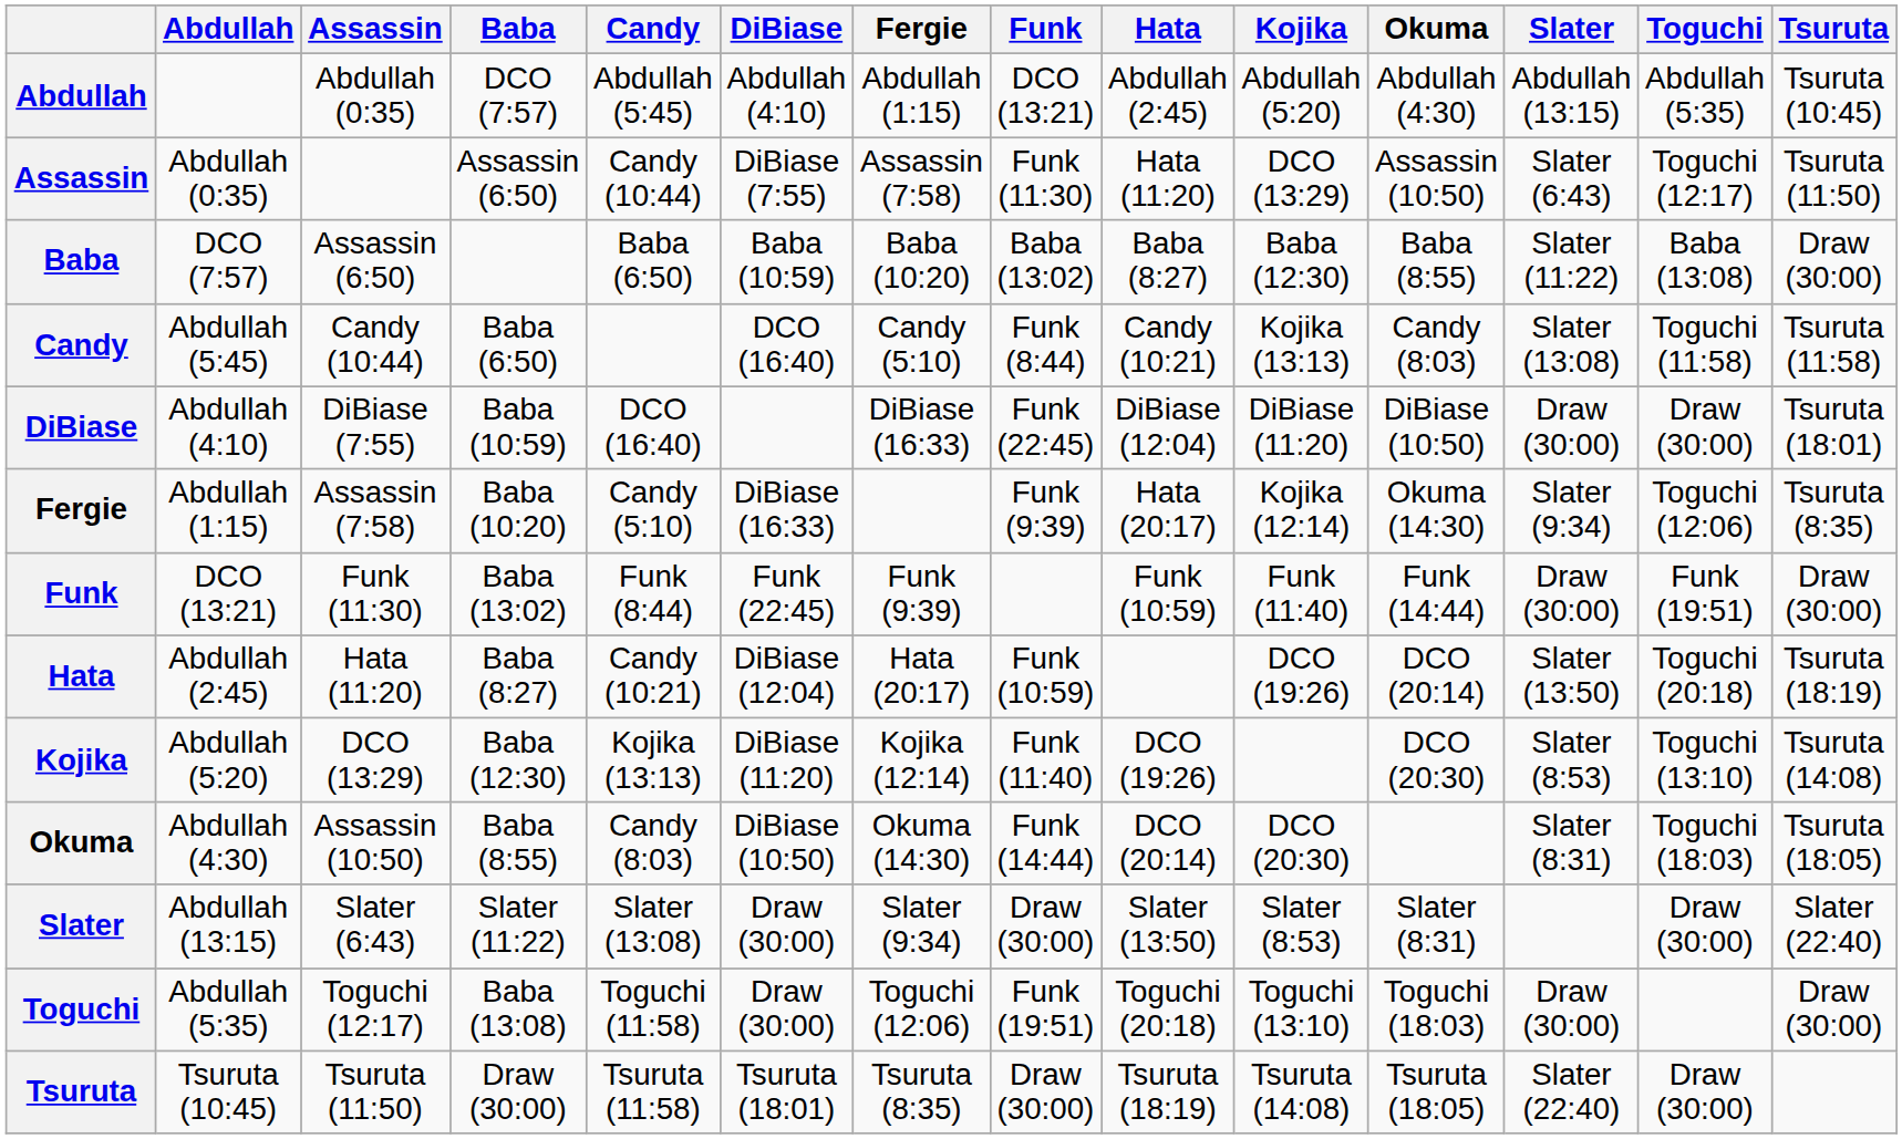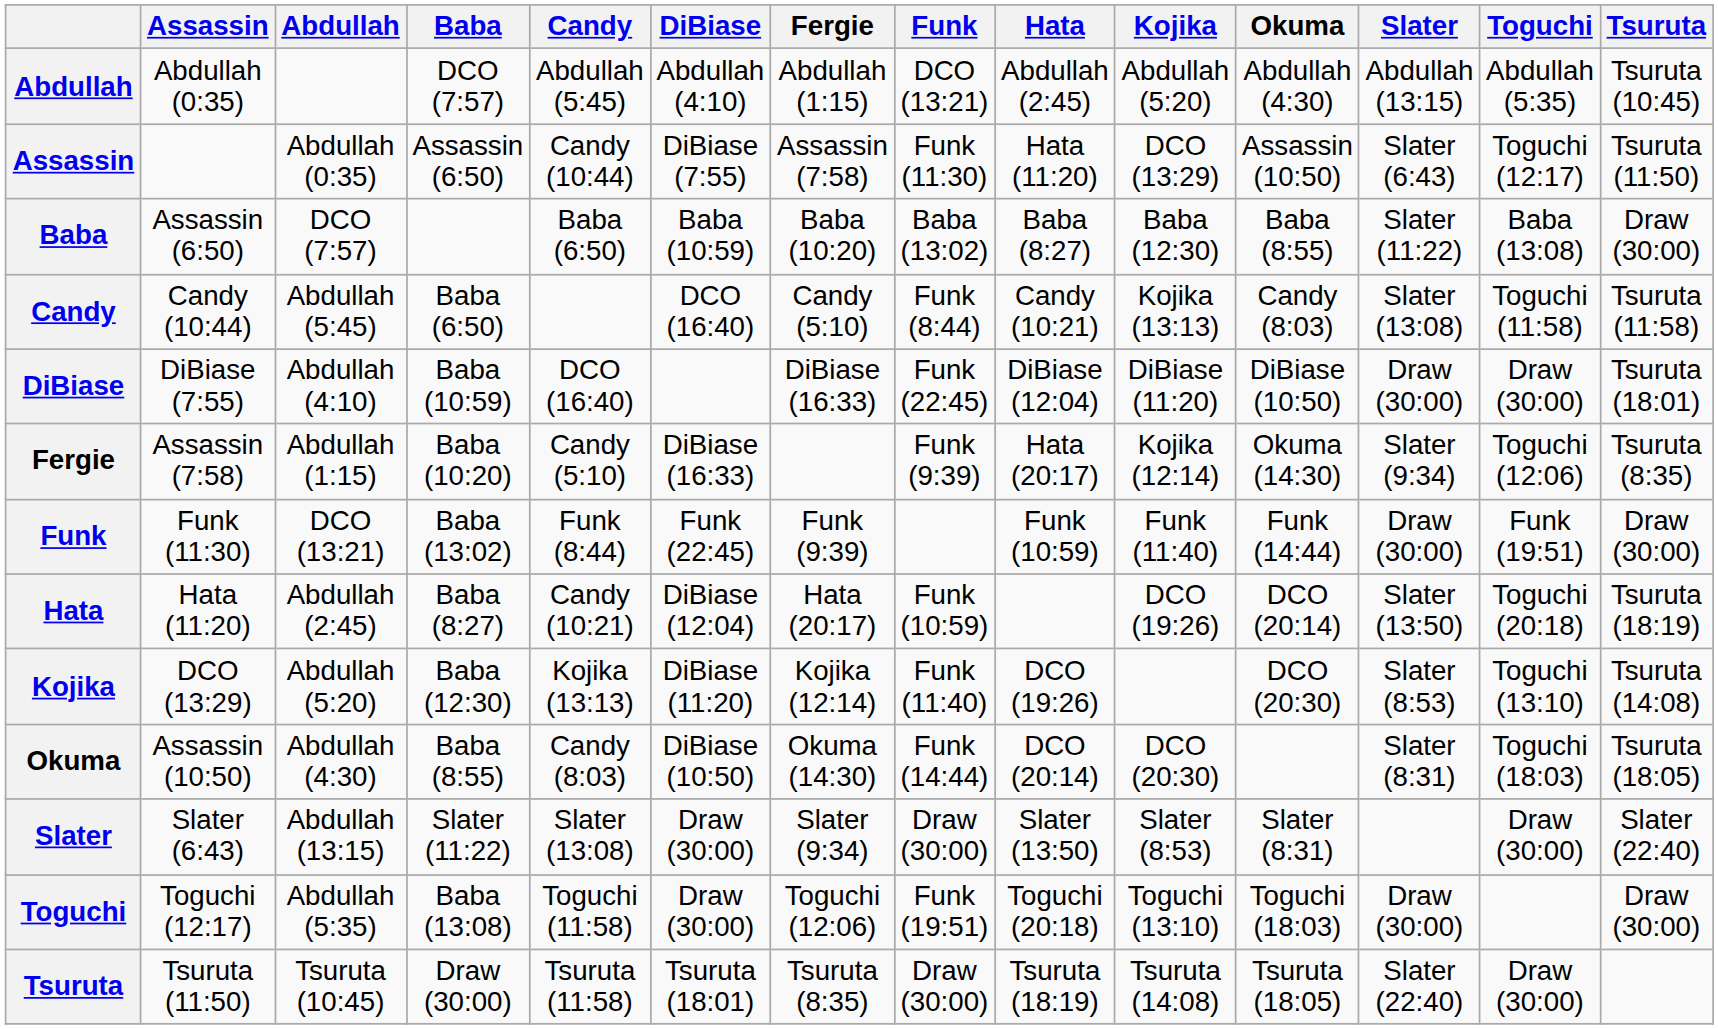 <table class="wikitable" style="margin: 1em auto 1em auto; text-align:center;">
 <tr>
 <th></th>
+<th><a href='#'>Assassin</a></th>
 <th><a href='#'>Abdullah</a></th>
-<th><a href='#'>Assassin</a></th>
 <th><a href='#'>Baba</a></th>
 <th><a href='#'>Candy</a></th>
 <th><a href='#'>DiBiase</a></th>
 <th>Fergie</th>
 <th><a href='#'>Funk</a></th>
 <th><a href='#'>Hata</a></th>
 <th><a href='#'>Kojika</a></th>
 <th>Okuma</th>
 <th><a href='#'>Slater</a></th>
 <th><a href='#'>Toguchi</a></th>
 <th><a href='#'>Tsuruta</a></th>
 </tr>
 <tr>
 <th><a href='#'>Abdullah</a></th>
+<td>Abdullah<br>(0:35)</td>
 <td></td>
-<td>Abdullah<br>(0:35)</td>
 <td>DCO<br>(7:57)</td>
 <td>Abdullah<br>(5:45)</td>
 <td>Abdullah<br>(4:10)</td>
 <td>Abdullah<br>(1:15)</td>
 <td>DCO<br>(13:21)</td>
 <td>Abdullah<br>(2:45)</td>
 <td>Abdullah<br>(5:20)</td>
 <td>Abdullah<br>(4:30)</td>
 <td>Abdullah<br>(13:15)</td>
 <td>Abdullah<br>(5:35)</td>
 <td>Tsuruta<br>(10:45)</td>
 </tr>
 <tr>
 <th><a href='#'>Assassin</a></th>
+<td></td>
 <td>Abdullah<br>(0:35)</td>
-<td></td>
 <td>Assassin<br>(6:50)</td>
 <td>Candy<br>(10:44)</td>
 <td>DiBiase<br>(7:55)</td>
 <td>Assassin<br>(7:58)</td>
 <td>Funk<br>(11:30)</td>
 <td>Hata<br>(11:20)</td>
 <td>DCO<br>(13:29)</td>
 <td>Assassin<br>(10:50)</td>
 <td>Slater<br>(6:43)</td>
 <td>Toguchi<br>(12:17)</td>
 <td>Tsuruta<br>(11:50)</td>
 </tr>
 <tr>
 <th><a href='#'>Baba</a></th>
+<td>Assassin<br>(6:50)</td>
 <td>DCO<br>(7:57)</td>
-<td>Assassin<br>(6:50)</td>
 <td></td>
 <td>Baba<br>(6:50)</td>
 <td>Baba<br>(10:59)</td>
 <td>Baba<br>(10:20)</td>
 <td>Baba<br>(13:02)</td>
 <td>Baba<br>(8:27)</td>
 <td>Baba<br>(12:30)</td>
 <td>Baba<br>(8:55)</td>
 <td>Slater<br>(11:22)</td>
 <td>Baba<br>(13:08)</td>
 <td>Draw<br>(30:00)</td>
 </tr>
 <tr>
 <th><a href='#'>Candy</a></th>
+<td>Candy<br>(10:44)</td>
 <td>Abdullah<br>(5:45)</td>
-<td>Candy<br>(10:44)</td>
 <td>Baba<br>(6:50)</td>
 <td></td>
 <td>DCO<br>(16:40)</td>
 <td>Candy<br>(5:10)</td>
 <td>Funk<br>(8:44)</td>
 <td>Candy<br>(10:21)</td>
 <td>Kojika<br>(13:13)</td>
 <td>Candy<br>(8:03)</td>
 <td>Slater<br>(13:08)</td>
 <td>Toguchi<br>(11:58)</td>
 <td>Tsuruta<br>(11:58)</td>
 </tr>
 <tr>
 <th><a href='#'>DiBiase</a></th>
+<td>DiBiase<br>(7:55)</td>
 <td>Abdullah<br>(4:10)</td>
-<td>DiBiase<br>(7:55)</td>
 <td>Baba<br>(10:59)</td>
 <td>DCO<br>(16:40)</td>
 <td></td>
 <td>DiBiase<br>(16:33)</td>
 <td>Funk<br>(22:45)</td>
 <td>DiBiase<br>(12:04)</td>
 <td>DiBiase<br>(11:20)</td>
 <td>DiBiase<br>(10:50)</td>
 <td>Draw<br>(30:00)</td>
 <td>Draw<br>(30:00)</td>
 <td>Tsuruta<br>(18:01)</td>
 </tr>
 <tr>
 <th>Fergie</th>
+<td>Assassin<br>(7:58)</td>
 <td>Abdullah<br>(1:15)</td>
-<td>Assassin<br>(7:58)</td>
 <td>Baba<br>(10:20)</td>
 <td>Candy<br>(5:10)</td>
 <td>DiBiase<br>(16:33)</td>
 <td></td>
 <td>Funk<br>(9:39)</td>
 <td>Hata<br>(20:17)</td>
 <td>Kojika<br>(12:14)</td>
 <td>Okuma<br>(14:30)</td>
 <td>Slater<br>(9:34)</td>
 <td>Toguchi<br>(12:06)</td>
 <td>Tsuruta<br>(8:35)</td>
 </tr>
 <tr>
 <th><a href='#'>Funk</a></th>
+<td>Funk<br>(11:30)</td>
 <td>DCO<br>(13:21)</td>
-<td>Funk<br>(11:30)</td>
 <td>Baba<br>(13:02)</td>
 <td>Funk<br>(8:44)</td>
 <td>Funk<br>(22:45)</td>
 <td>Funk<br>(9:39)</td>
 <td></td>
 <td>Funk<br>(10:59)</td>
 <td>Funk<br>(11:40)</td>
 <td>Funk<br>(14:44)</td>
 <td>Draw<br>(30:00)</td>
 <td>Funk<br>(19:51)</td>
 <td>Draw<br>(30:00)</td>
 </tr>
 <tr>
 <th><a href='#'>Hata</a></th>
+<td>Hata<br>(11:20)</td>
 <td>Abdullah<br>(2:45)</td>
-<td>Hata<br>(11:20)</td>
 <td>Baba<br>(8:27)</td>
 <td>Candy<br>(10:21)</td>
 <td>DiBiase<br>(12:04)</td>
 <td>Hata<br>(20:17)</td>
 <td>Funk<br>(10:59)</td>
 <td></td>
 <td>DCO<br>(19:26)</td>
 <td>DCO<br>(20:14)</td>
 <td>Slater<br>(13:50)</td>
 <td>Toguchi<br>(20:18)</td>
 <td>Tsuruta<br>(18:19)</td>
 </tr>
 <tr>
 <th><a href='#'>Kojika</a></th>
+<td>DCO<br>(13:29)</td>
 <td>Abdullah<br>(5:20)</td>
-<td>DCO<br>(13:29)</td>
 <td>Baba<br>(12:30)</td>
 <td>Kojika<br>(13:13)</td>
 <td>DiBiase<br>(11:20)</td>
 <td>Kojika<br>(12:14)</td>
 <td>Funk<br>(11:40)</td>
 <td>DCO<br>(19:26)</td>
 <td></td>
 <td>DCO<br>(20:30)</td>
 <td>Slater<br>(8:53)</td>
 <td>Toguchi<br>(13:10)</td>
 <td>Tsuruta<br>(14:08)</td>
 </tr>
 <tr>
 <th>Okuma</th>
+<td>Assassin<br>(10:50)</td>
 <td>Abdullah<br>(4:30)</td>
-<td>Assassin<br>(10:50)</td>
 <td>Baba<br>(8:55)</td>
 <td>Candy<br>(8:03)</td>
 <td>DiBiase<br>(10:50)</td>
 <td>Okuma<br>(14:30)</td>
 <td>Funk<br>(14:44)</td>
 <td>DCO<br>(20:14)</td>
 <td>DCO<br>(20:30)</td>
 <td></td>
 <td>Slater<br>(8:31)</td>
 <td>Toguchi<br>(18:03)</td>
 <td>Tsuruta<br>(18:05)</td>
 </tr>
 <tr>
 <th><a href='#'>Slater</a></th>
+<td>Slater<br>(6:43)</td>
 <td>Abdullah<br>(13:15)</td>
-<td>Slater<br>(6:43)</td>
 <td>Slater<br>(11:22)</td>
 <td>Slater<br>(13:08)</td>
 <td>Draw<br>(30:00)</td>
 <td>Slater<br>(9:34)</td>
 <td>Draw<br>(30:00)</td>
 <td>Slater<br>(13:50)</td>
 <td>Slater<br>(8:53)</td>
 <td>Slater<br>(8:31)</td>
 <td></td>
 <td>Draw<br>(30:00)</td>
 <td>Slater<br>(22:40)</td>
 </tr>
 <tr>
 <th><a href='#'>Toguchi</a></th>
+<td>Toguchi<br>(12:17)</td>
 <td>Abdullah<br>(5:35)</td>
-<td>Toguchi<br>(12:17)</td>
 <td>Baba<br>(13:08)</td>
 <td>Toguchi<br>(11:58)</td>
 <td>Draw<br>(30:00)</td>
 <td>Toguchi<br>(12:06)</td>
 <td>Funk<br>(19:51)</td>
 <td>Toguchi<br>(20:18)</td>
 <td>Toguchi<br>(13:10)</td>
 <td>Toguchi<br>(18:03)</td>
 <td>Draw<br>(30:00)</td>
 <td></td>
 <td>Draw<br>(30:00)</td>
 </tr>
 <tr>
 <th><a href='#'>Tsuruta</a></th>
+<td>Tsuruta<br>(11:50)</td>
 <td>Tsuruta<br>(10:45)</td>
-<td>Tsuruta<br>(11:50)</td>
 <td>Draw<br>(30:00)</td>
 <td>Tsuruta<br>(11:58)</td>
 <td>Tsuruta<br>(18:01)</td>
 <td>Tsuruta<br>(8:35)</td>
 <td>Draw<br>(30:00)</td>
 <td>Tsuruta<br>(18:19)</td>
 <td>Tsuruta<br>(14:08)</td>
 <td>Tsuruta<br>(18:05)</td>
 <td>Slater<br>(22:40)</td>
 <td>Draw<br>(30:00)</td>
 <td></td>
 </tr>
 </table>
